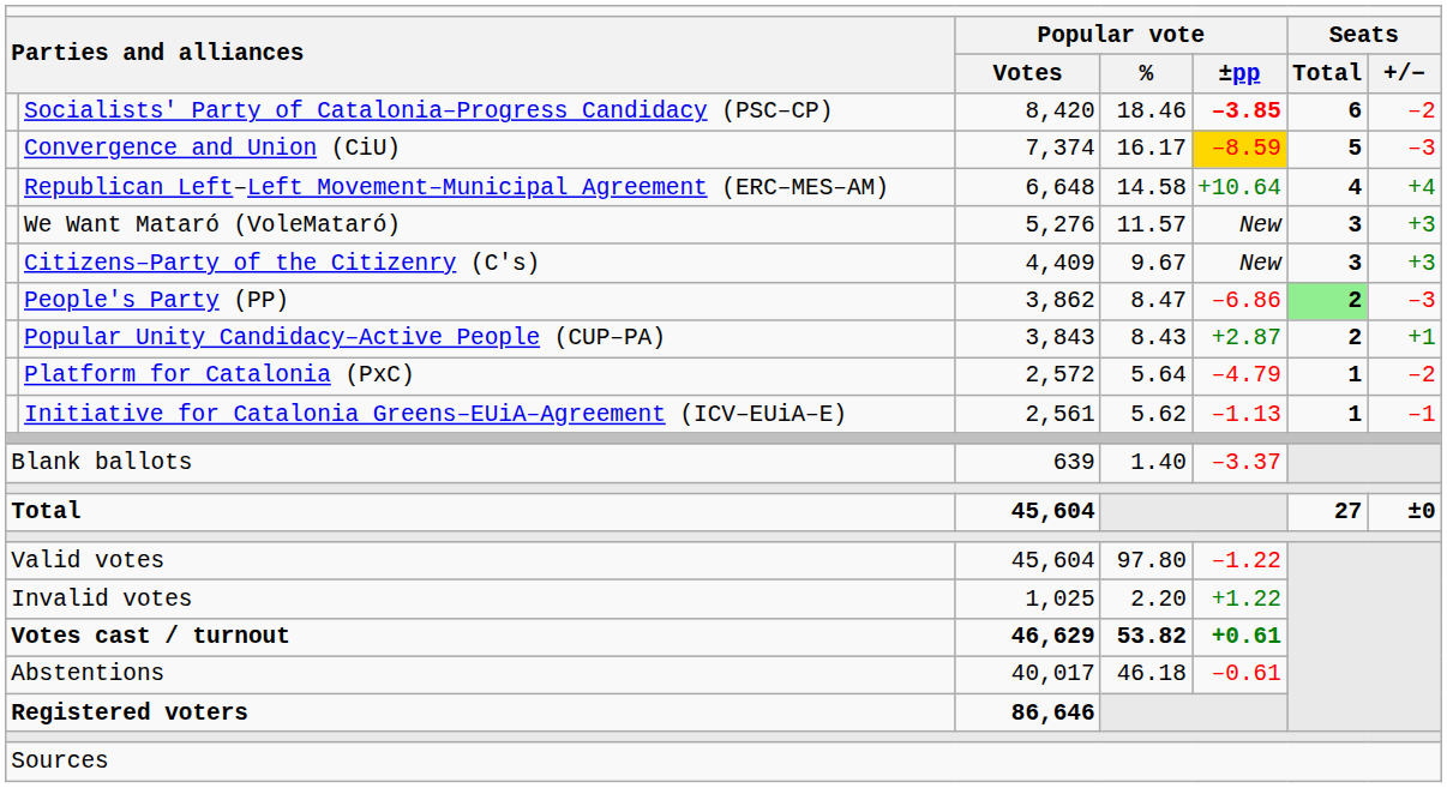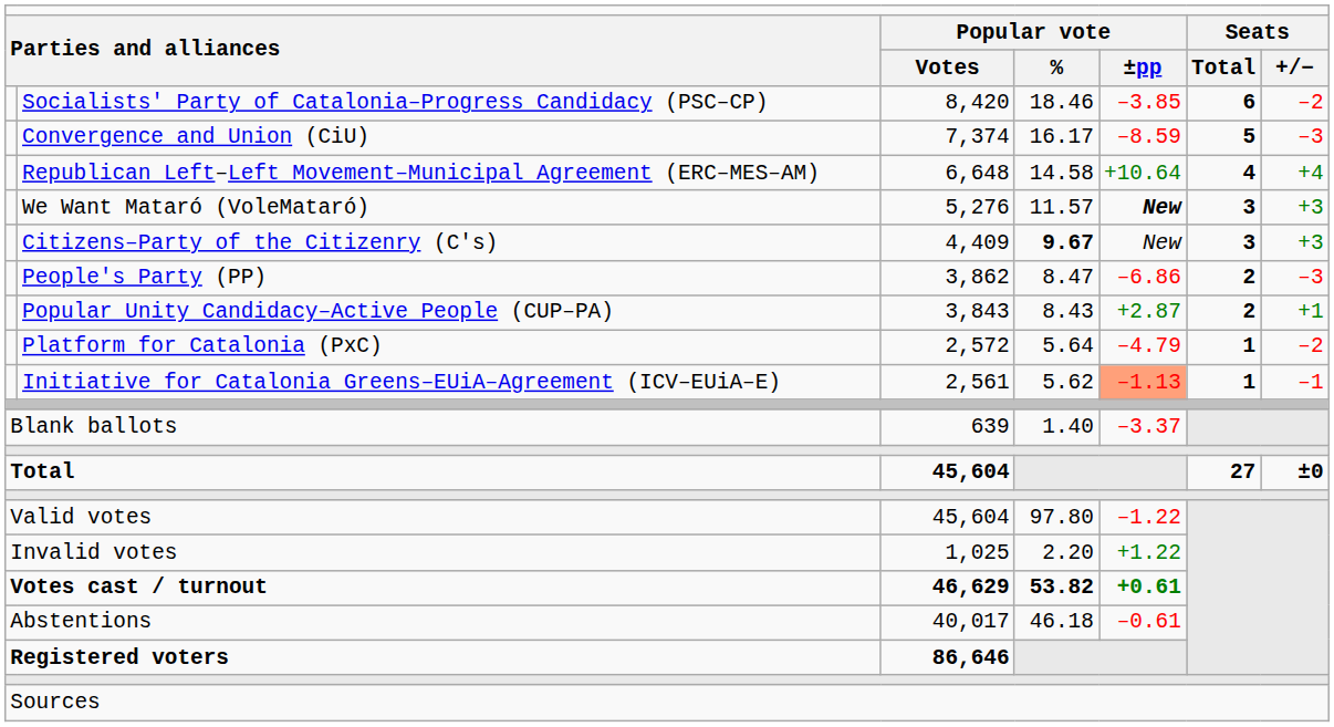 <table class="wikitable" style="text-align:right;">
 <tr>
 <td colspan="7"></td>
 </tr>
 <tr>
 <th style="text-align:left;" rowspan="2" colspan="2" width="525">Parties and alliances</th>
 <th colspan="3">Popular vote</th>
 <th colspan="2">Seats</th>
 </tr>
 <tr>
 <th width="75">Votes</th>
 <th width="45">%</th>
 <th width="45">±<a href='#'>pp</a></th>
 <th width="35">Total</th>
 <th width="35">+/−</th>
 </tr>
 <tr>
 <td width="1" style="color:inherit;background:"></td>
 <td align="left"><a href='#'>Socialists' Party of Catalonia–Progress Candidacy</a> (PSC–CP)</td>
 <td>8,420</td>
 <td>18.46</td>
-<td style="color:red;"><strong>–3.85</strong></td>
+<td style="color:red;">–3.85</td>
 <td><strong>6</strong></td>
 <td style="color:red;">–2</td>
 </tr>
 <tr>
 <td style="color:inherit;background:"></td>
 <td align="left"><a href='#'>Convergence and Union</a> (CiU)</td>
 <td>7,374</td>
 <td>16.17</td>
-<td style="background: gold; color:red;">–8.59</td>
+<td style="color:red;">–8.59</td>
 <td><strong>5</strong></td>
 <td style="color:red;">–3</td>
 </tr>
 <tr>
 <td style="color:inherit;background:"></td>
 <td align="left"><a href='#'>Republican Left</a>–<a href='#'>Left Movement–Municipal Agreement</a> (ERC–MES–AM)</td>
 <td>6,648</td>
 <td>14.58</td>
 <td style="color:green;">+10.64</td>
 <td><strong>4</strong></td>
 <td style="color:green;">+4</td>
 </tr>
 <tr>
 <td style="color:inherit;background:"></td>
 <td align="left">We Want Mataró (VoleMataró)</td>
 <td>5,276</td>
 <td>11.57</td>
-<td><em>New</em></td>
+<td><strong><em>New</em></strong></td>
 <td><strong>3</strong></td>
 <td style="color:green;">+3</td>
 </tr>
 <tr>
 <td style="color:inherit;background:"></td>
 <td align="left"><a href='#'>Citizens–Party of the Citizenry</a> (C's)</td>
 <td>4,409</td>
-<td>9.67</td>
+<td><strong>9.67</strong></td>
 <td><em>New</em></td>
 <td><strong>3</strong></td>
 <td style="color:green;">+3</td>
 </tr>
 <tr>
 <td style="color:inherit;background:"></td>
 <td align="left"><a href='#'>People's Party</a> (PP)</td>
 <td>3,862</td>
 <td>8.47</td>
 <td style="color:red;">–6.86</td>
-<td style="background: lightgreen;"><strong>2</strong></td>
+<td><strong>2</strong></td>
 <td style="color:red;">–3</td>
 </tr>
 <tr>
 <td style="color:inherit;background:"></td>
 <td align="left"><a href='#'>Popular Unity Candidacy–Active People</a> (CUP–PA)</td>
 <td>3,843</td>
 <td>8.43</td>
 <td style="color:green;">+2.87</td>
 <td><strong>2</strong></td>
 <td style="color:green;">+1</td>
 </tr>
 <tr>
 <td style="color:inherit;background:"></td>
 <td align="left"><a href='#'>Platform for Catalonia</a> (PxC)</td>
 <td>2,572</td>
 <td>5.64</td>
 <td style="color:red;">–4.79</td>
 <td><strong>1</strong></td>
 <td style="color:red;">–2</td>
 </tr>
 <tr>
 <td style="color:inherit;background:"></td>
 <td align="left"><a href='#'>Initiative for Catalonia Greens–EUiA–Agreement</a> (ICV–EUiA–E)</td>
 <td>2,561</td>
 <td>5.62</td>
-<td style="color:red;">–1.13</td>
+<td style="background: lightsalmon; color:red;">–1.13</td>
 <td><strong>1</strong></td>
 <td style="color:red;">–1</td>
 </tr>
 <tr>
 <td colspan="7" style="color:inherit;background:#C0C0C0"></td>
 </tr>
 <tr>
 <td align="left" colspan="2">Blank ballots</td>
 <td>639</td>
 <td>1.40</td>
 <td style="color:red;">–3.37</td>
 <td style="color:inherit;background:#E9E9E9" colspan="2"></td>
 </tr>
 <tr>
 <td colspan="7" style="color:inherit;background:#E9E9E9"></td>
 </tr>
 <tr style="font-weight:bold;">
 <td align="left" colspan="2">Total</td>
 <td>45,604</td>
 <td bgcolor="#E9E9E9" colspan="2"></td>
 <td>27</td>
 <td>±0</td>
 </tr>
 <tr>
 <td colspan="7" style="color:inherit;background:#E9E9E9"></td>
 </tr>
 <tr>
 <td align="left" colspan="2">Valid votes</td>
 <td>45,604</td>
 <td>97.80</td>
 <td style="color:red;">–1.22</td>
 <td bgcolor="#E9E9E9" colspan="2" rowspan="5"></td>
 </tr>
 <tr>
 <td align="left" colspan="2">Invalid votes</td>
 <td>1,025</td>
 <td>2.20</td>
 <td style="color:green;">+1.22</td>
 </tr>
 <tr style="font-weight:bold;">
 <td align="left" colspan="2">Votes cast / turnout</td>
 <td>46,629</td>
 <td>53.82</td>
 <td style="color:green;">+0.61</td>
 </tr>
 <tr>
 <td align="left" colspan="2">Abstentions</td>
 <td>40,017</td>
 <td>46.18</td>
 <td style="color:red;">–0.61</td>
 </tr>
 <tr style="font-weight:bold;">
 <td align="left" colspan="2">Registered voters</td>
 <td>86,646</td>
 <td bgcolor="#E9E9E9" colspan="2"></td>
 </tr>
 <tr>
 <td colspan="7" style="color:inherit;background:#E9E9E9"></td>
 </tr>
 <tr>
 <td align="left" colspan="7">Sources</td>
 </tr>
 </table>
